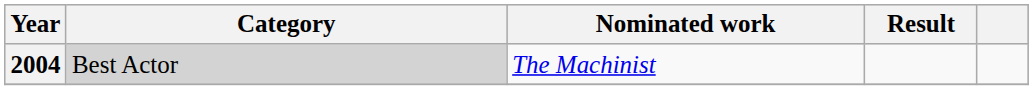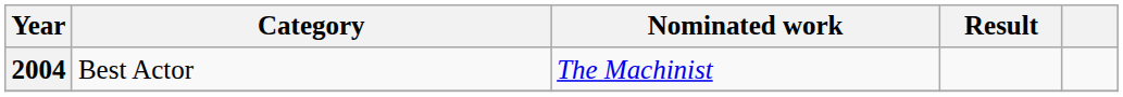 <table class="wikitable sortable">
 <tr>
 <th style="width:6%;" scope="col">Year</th>
 <th style="width:43%;" scope="col">Category</th>
 <th style="width:35%;" scope="col">Nominated work</th>
 <th style="width:11%;" scope="col">Result</th>
 <th style="width:5%;" scope="col" class="unsortable"></th>
 </tr>
 <tr>
 <th scope="row" style="text-align:center;">2004</th>
-<td style="background: lightgrey;">Best Actor</td>
+<td>Best Actor</td>
 <td><em><a href='#'>The Machinist</a></em></td>
 <td></td>
 <td style="text-align:center;"></td>
 </tr>
 <tr>
 </tr>
 </table>
